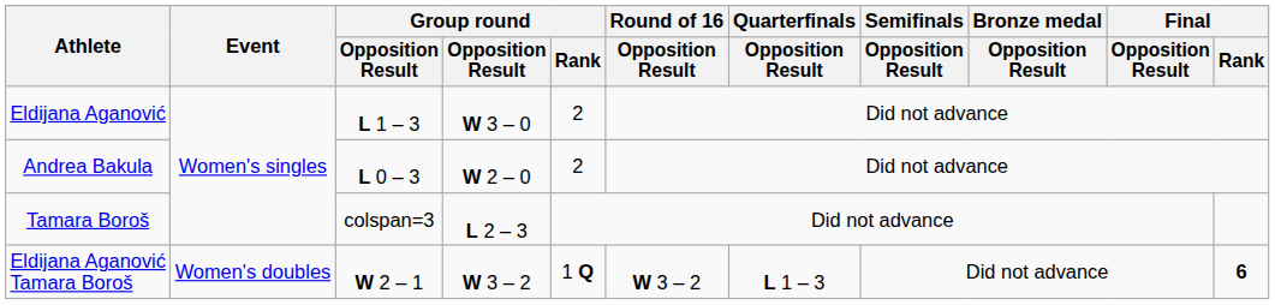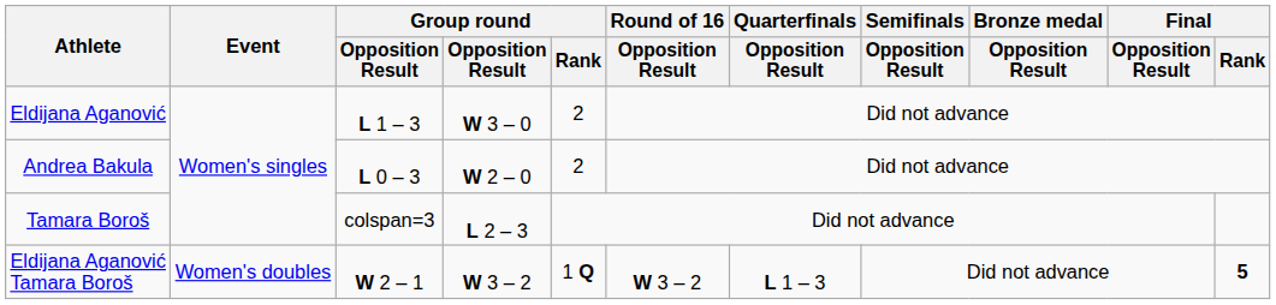 <table class="wikitable" style="font-size:90%;">
 <tr>
 <th rowspan="2">Athlete</th>
 <th rowspan="2">Event</th>
 <th colspan="3">Group round</th>
 <th>Round of 16</th>
 <th>Quarterfinals</th>
 <th>Semifinals</th>
 <th>Bronze medal</th>
 <th colspan=2>Final</th>
 </tr>
 <tr style="font-size:95%">
 <th>Opposition<br>Result</th>
 <th>Opposition<br>Result</th>
 <th>Rank</th>
 <th>Opposition<br>Result</th>
 <th>Opposition<br>Result</th>
 <th>Opposition<br>Result</th>
 <th>Opposition<br>Result</th>
 <th>Opposition<br>Result</th>
 <th>Rank</th>
 </tr>
 <tr align=center>
 <td><a href='#'>Eldijana Aganović</a></td>
 <td rowspan=3><a href='#'>Women's singles</a></td>
 <td><br><strong>L</strong> 1 – 3</td>
 <td><br><strong>W</strong> 3 – 0</td>
 <td>2</td>
 <td colspan=6>Did not advance</td>
 </tr>
 <tr align=center>
 <td><a href='#'>Andrea Bakula</a></td>
 <td><br><strong>L</strong> 0 – 3</td>
 <td><br><strong>W</strong> 2 – 0</td>
 <td>2</td>
 <td colspan=6>Did not advance</td>
 </tr>
 <tr align=center>
 <td><a href='#'>Tamara Boroš</a></td>
 <td>colspan=3 </td>
 <td><br><strong>L</strong> 2 – 3</td>
 <td colspan=6>Did not advance</td>
 </tr>
 <tr align=center>
 <td align=left><a href='#'>Eldijana Aganović</a><br><a href='#'>Tamara Boroš</a></td>
 <td align=left><a href='#'>Women's doubles</a></td>
 <td><br><strong>W</strong> 2 – 1</td>
 <td><br><strong>W</strong> 3 – 2</td>
 <td>1 <strong>Q</strong></td>
 <td><br><strong>W</strong> 3 – 2</td>
 <td><br><strong>L</strong> 1 – 3</td>
 <td colspan=3>Did not advance</td>
-<td><strong>6</strong></td>
+<td><strong>5</strong></td>
 </tr>
 </table>
